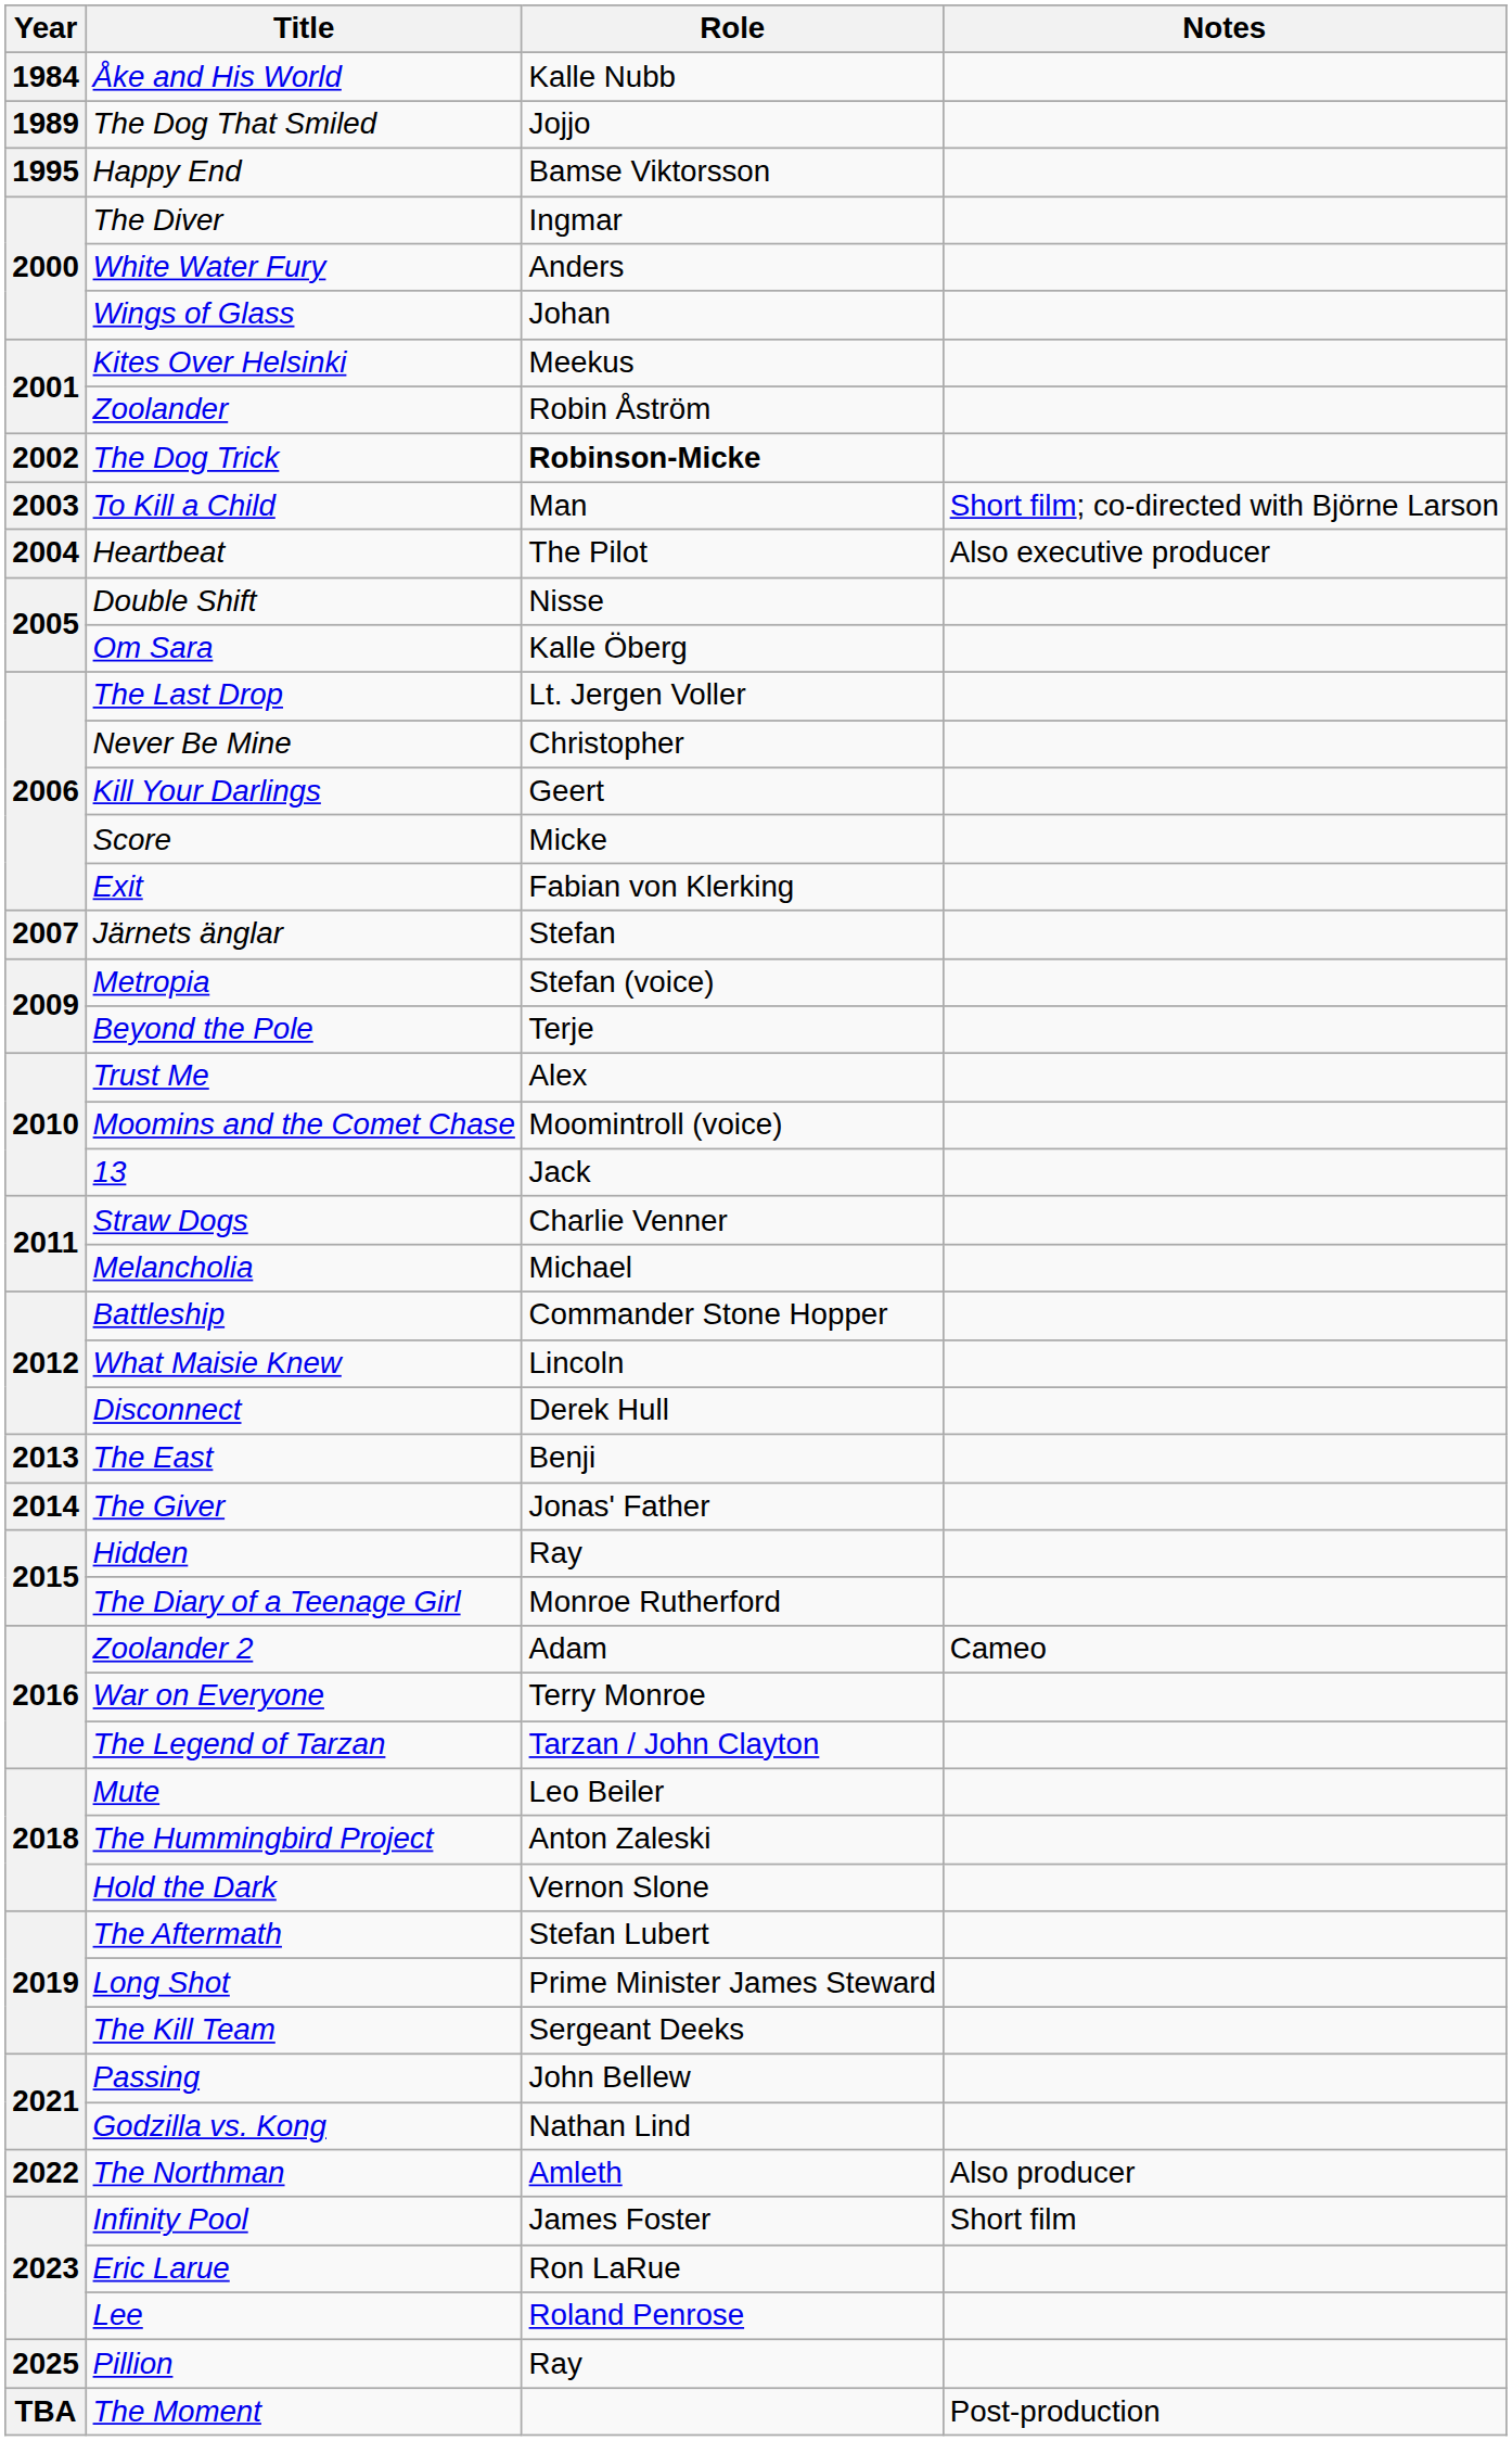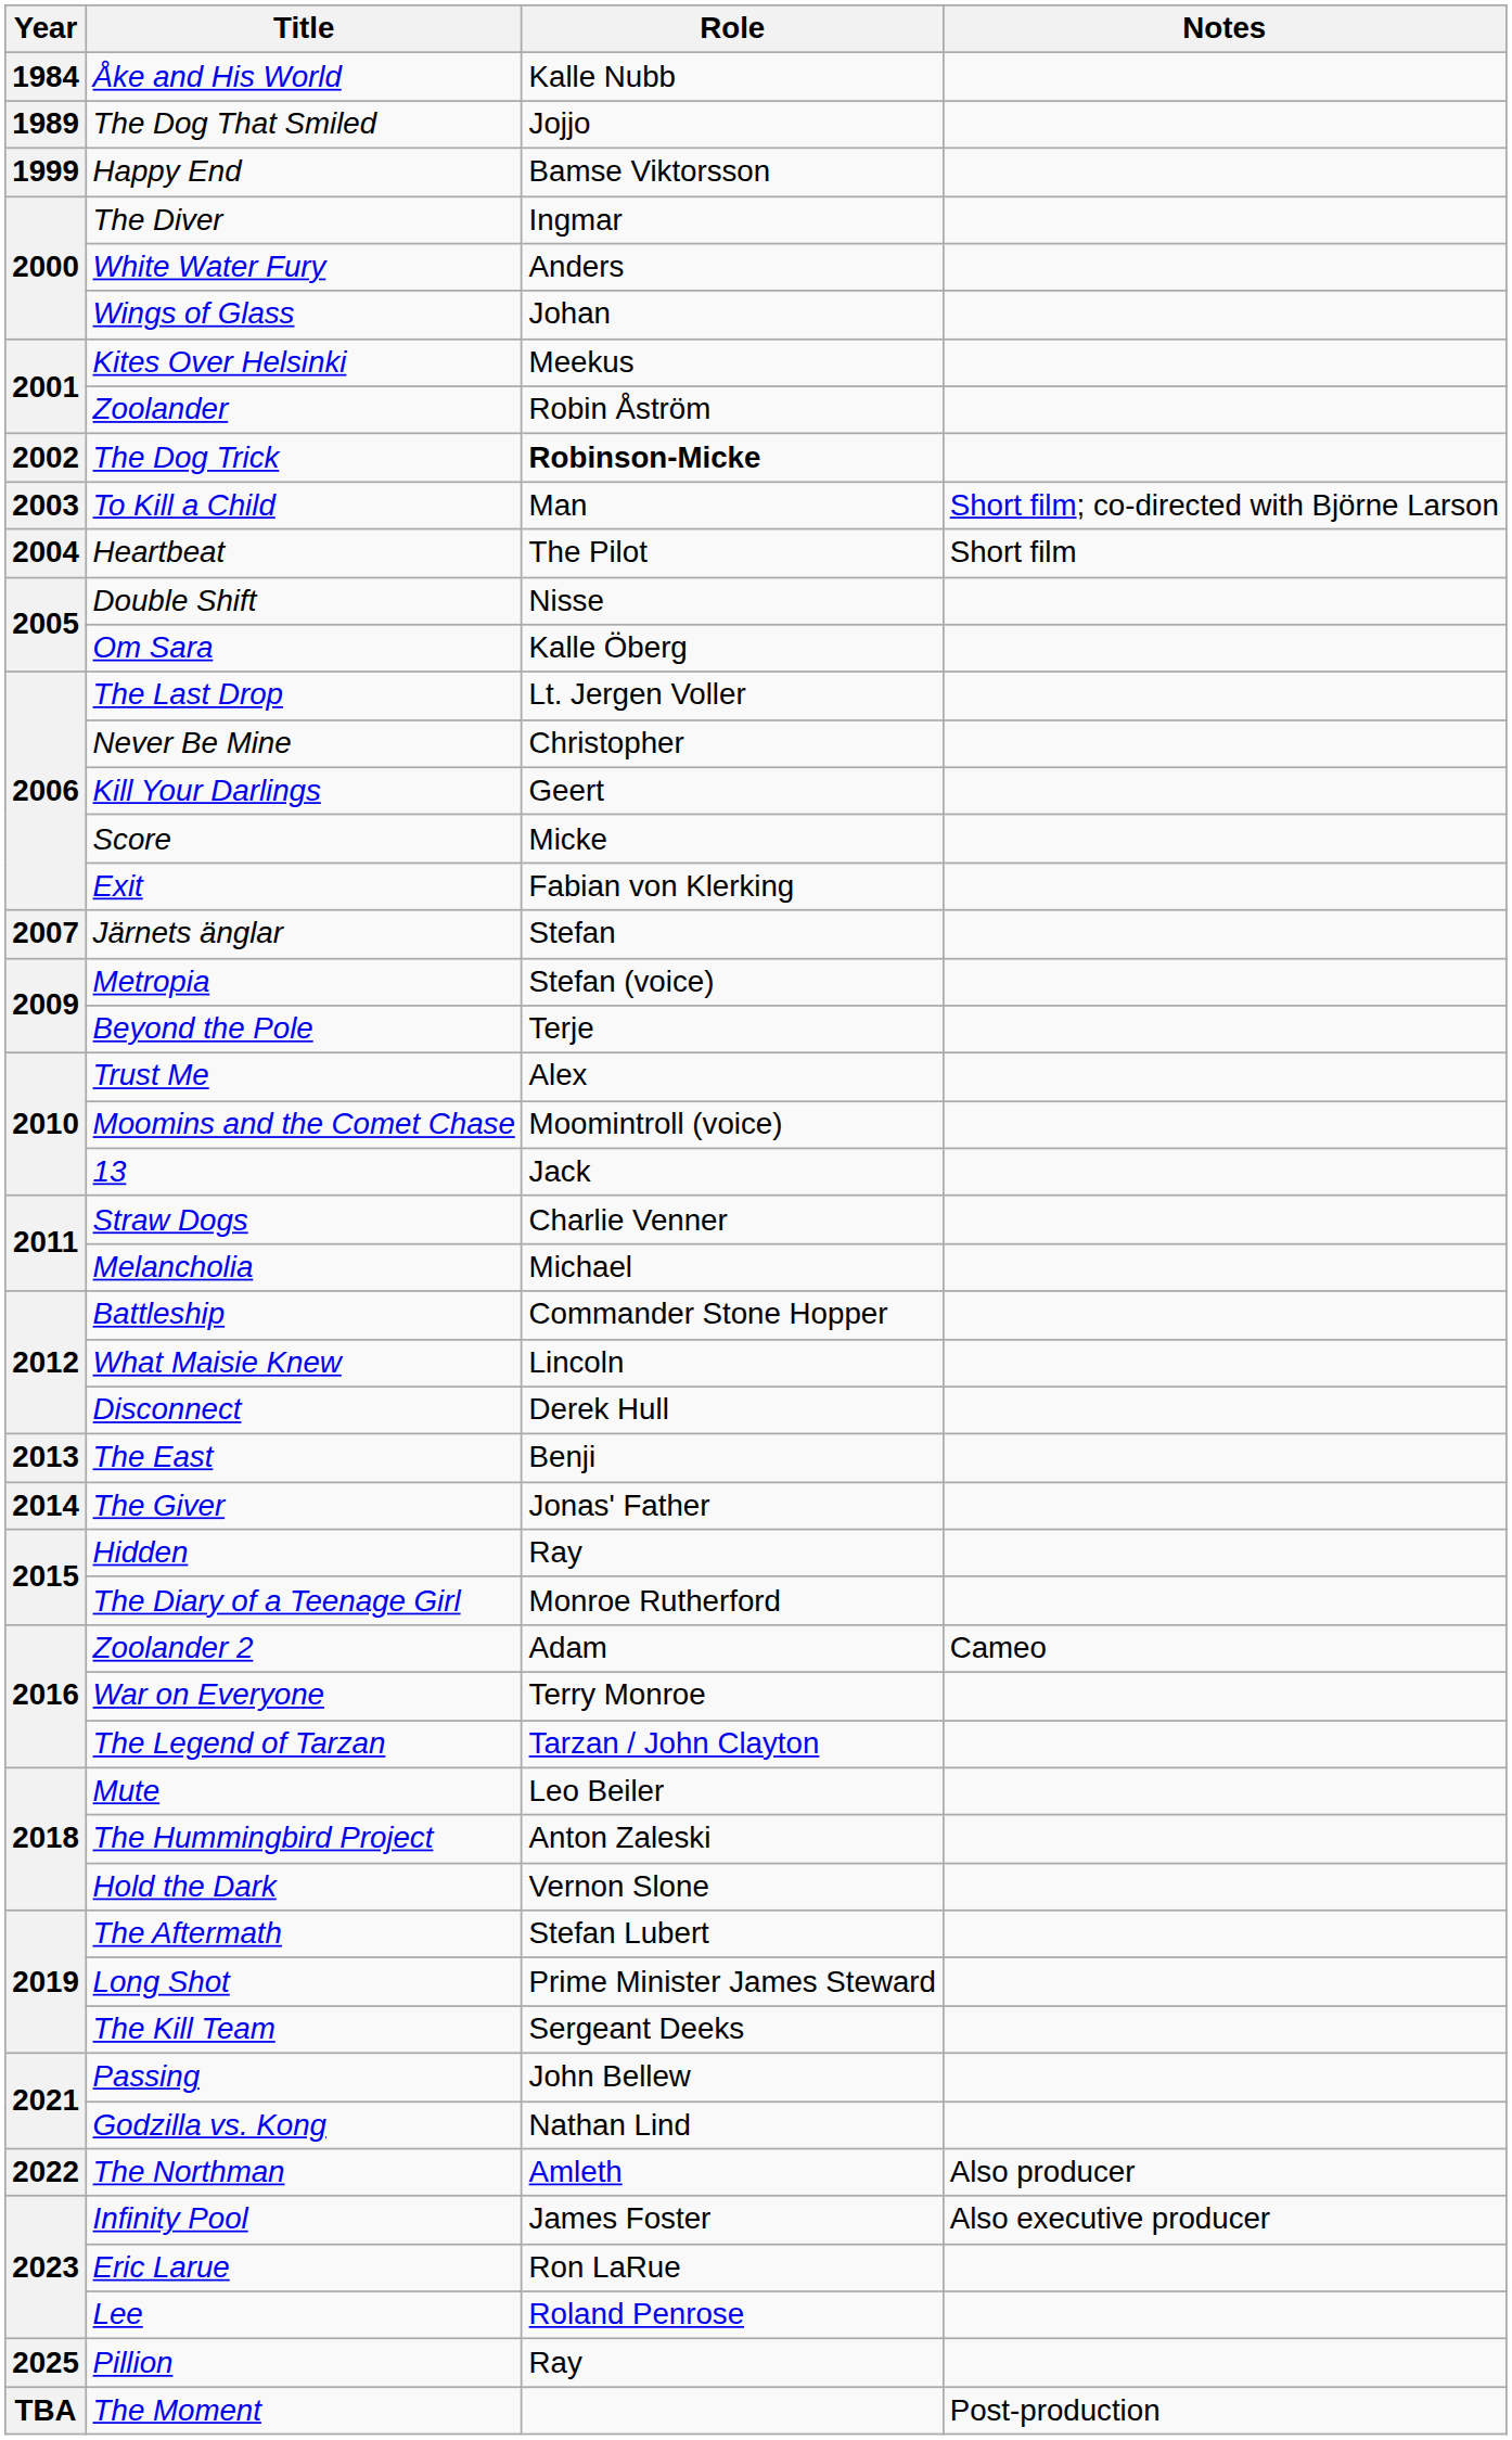 <table class="wikitable plainrowheaders sortable">
 <tr>
 <th scope="col">Year</th>
 <th scope="col">Title</th>
 <th scope="col">Role</th>
 <th scope="col" class="unsortable">Notes</th>
 </tr>
 <tr>
 <th scope="row">1984</th>
 <td><em><a href='#'>Åke and His World</a></em></td>
 <td>Kalle Nubb</td>
 <td></td>
 </tr>
 <tr>
 <th scope="row">1989</th>
 <td><em>The Dog That Smiled</em></td>
 <td>Jojjo</td>
 <td></td>
 </tr>
 <tr>
-<th scope="row">1995</th>
+<th scope="row">1999</th>
 <td><em>Happy End</em></td>
 <td>Bamse Viktorsson</td>
 <td></td>
 </tr>
 <tr>
 <th scope="row" rowspan="3">2000</th>
 <td><em>The Diver</em></td>
 <td>Ingmar</td>
 <td></td>
 </tr>
 <tr>
 <td><em><a href='#'>White Water Fury</a></em></td>
 <td>Anders</td>
 <td></td>
 </tr>
 <tr>
 <td><em><a href='#'>Wings of Glass</a></em></td>
 <td>Johan</td>
 <td></td>
 </tr>
 <tr>
 <th scope="row" rowspan="2">2001</th>
 <td><em><a href='#'>Kites Over Helsinki</a></em></td>
 <td>Meekus</td>
 <td></td>
 </tr>
 <tr>
 <td><em><a href='#'>Zoolander</a></em></td>
 <td>Robin Åström</td>
 <td></td>
 </tr>
 <tr>
 <th scope="row">2002</th>
 <td><em><a href='#'>The Dog Trick</a></em></td>
 <td><strong>Robinson-Micke</strong></td>
 <td></td>
 </tr>
 <tr>
 <th scope="row">2003</th>
 <td><em><a href='#'>To Kill a Child</a></em></td>
 <td>Man</td>
 <td><a href='#'>Short film</a>; co-directed with Björne Larson</td>
 </tr>
 <tr>
 <th scope="row">2004</th>
 <td><em>Heartbeat</em></td>
 <td>The Pilot</td>
-<td>Also executive producer</td>
+<td>Short film</td>
 </tr>
 <tr>
 <th scope="row" rowspan="2">2005</th>
 <td><em>Double Shift</em></td>
 <td>Nisse</td>
 <td></td>
 </tr>
 <tr>
 <td><em><a href='#'>Om Sara</a></em></td>
 <td>Kalle Öberg</td>
 <td></td>
 </tr>
 <tr>
 <th scope="row" rowspan="5">2006</th>
 <td><em><a href='#'>The Last Drop</a></em></td>
 <td>Lt. Jergen Voller</td>
 <td></td>
 </tr>
 <tr>
 <td><em>Never Be Mine</em></td>
 <td>Christopher</td>
 <td></td>
 </tr>
 <tr>
 <td><em><a href='#'>Kill Your Darlings</a></em></td>
 <td>Geert</td>
 <td></td>
 </tr>
 <tr>
 <td><em>Score</em></td>
 <td>Micke</td>
 <td></td>
 </tr>
 <tr>
 <td><em><a href='#'>Exit</a></em></td>
 <td>Fabian von Klerking</td>
 <td></td>
 </tr>
 <tr>
 <th scope="row">2007</th>
 <td><em>Järnets änglar</em></td>
 <td>Stefan</td>
 <td></td>
 </tr>
 <tr>
 <th scope="row" rowspan="2">2009</th>
 <td><em><a href='#'>Metropia</a></em></td>
 <td>Stefan (voice)</td>
 <td></td>
 </tr>
 <tr>
 <td><em><a href='#'>Beyond the Pole</a></em></td>
 <td>Terje</td>
 <td></td>
 </tr>
 <tr>
 <th scope="row" rowspan="3">2010</th>
 <td><em><a href='#'>Trust Me</a></em></td>
 <td>Alex</td>
 <td></td>
 </tr>
 <tr>
 <td><em><a href='#'>Moomins and the Comet Chase</a></em></td>
 <td>Moomintroll (voice)</td>
 <td></td>
 </tr>
 <tr>
 <td><em><a href='#'>13</a></em></td>
 <td>Jack</td>
 <td></td>
 </tr>
 <tr>
 <th scope="row" rowspan="2">2011</th>
 <td><em><a href='#'>Straw Dogs</a></em></td>
 <td>Charlie Venner</td>
 <td></td>
 </tr>
 <tr>
 <td><em><a href='#'>Melancholia</a></em></td>
 <td>Michael</td>
 <td></td>
 </tr>
 <tr>
 <th scope="row" rowspan="3">2012</th>
 <td><em><a href='#'>Battleship</a></em></td>
 <td>Commander Stone Hopper</td>
 <td></td>
 </tr>
 <tr>
 <td><em><a href='#'>What Maisie Knew</a></em></td>
 <td>Lincoln</td>
 <td></td>
 </tr>
 <tr>
 <td><em><a href='#'>Disconnect</a></em></td>
 <td>Derek Hull</td>
 <td></td>
 </tr>
 <tr>
 <th scope="row">2013</th>
 <td><em><a href='#'>The East</a></em></td>
 <td>Benji</td>
 <td></td>
 </tr>
 <tr>
 <th scope="row">2014</th>
 <td><em><a href='#'>The Giver</a></em></td>
 <td>Jonas' Father</td>
 <td></td>
 </tr>
 <tr>
 <th scope="row"  rowspan="2">2015</th>
 <td><em><a href='#'>Hidden</a></em></td>
 <td>Ray</td>
 <td></td>
 </tr>
 <tr>
 <td><em><a href='#'>The Diary of a Teenage Girl</a></em></td>
 <td>Monroe Rutherford</td>
 <td></td>
 </tr>
 <tr>
 <th scope="row"  rowspan="3">2016</th>
 <td><em><a href='#'>Zoolander 2</a></em></td>
 <td>Adam</td>
 <td>Cameo</td>
 </tr>
 <tr>
 <td><em><a href='#'>War on Everyone</a></em></td>
 <td>Terry Monroe</td>
 <td></td>
 </tr>
 <tr>
 <td><em><a href='#'>The Legend of Tarzan</a></em></td>
 <td><a href='#'>Tarzan / John Clayton</a></td>
 <td></td>
 </tr>
 <tr>
 <th scope="row"  rowspan="3">2018</th>
 <td><em><a href='#'>Mute</a></em></td>
 <td>Leo Beiler</td>
 <td></td>
 </tr>
 <tr>
 <td><em><a href='#'>The Hummingbird Project</a></em></td>
 <td>Anton Zaleski</td>
 <td></td>
 </tr>
 <tr>
 <td><em><a href='#'>Hold the Dark</a></em></td>
 <td>Vernon Slone</td>
 <td></td>
 </tr>
 <tr>
 <th scope="row"  rowspan="3">2019</th>
 <td><em><a href='#'>The Aftermath</a></em></td>
 <td>Stefan Lubert</td>
 <td></td>
 </tr>
 <tr>
 <td><em><a href='#'>Long Shot</a></em></td>
 <td>Prime Minister James Steward</td>
 <td></td>
 </tr>
 <tr>
 <td><em><a href='#'>The Kill Team</a></em></td>
 <td>Sergeant Deeks</td>
 <td></td>
 </tr>
 <tr>
 <th scope="row" rowspan="2”">2021</th>
 <td><em><a href='#'>Passing</a></em></td>
 <td>John Bellew</td>
 <td></td>
 </tr>
 <tr>
 <td><em><a href='#'>Godzilla vs. Kong</a></em></td>
 <td>Nathan Lind</td>
 <td></td>
 </tr>
 <tr>
 <th scope="row">2022</th>
 <td><em><a href='#'>The Northman</a></em></td>
 <td><a href='#'>Amleth</a></td>
 <td>Also producer</td>
 </tr>
 <tr>
 <th scope="row" rowspan="3">2023</th>
 <td><em><a href='#'>Infinity Pool</a></em></td>
 <td>James Foster</td>
-<td>Short film</td>
+<td>Also executive producer</td>
 </tr>
 <tr>
 <td><em><a href='#'>Eric Larue</a></em></td>
 <td>Ron LaRue</td>
 <td></td>
 </tr>
 <tr>
 <td><em><a href='#'>Lee</a></em></td>
 <td><a href='#'>Roland Penrose</a></td>
 <td></td>
 </tr>
 <tr>
 <th scope="row">2025</th>
 <td><em><a href='#'>Pillion</a></em></td>
 <td>Ray</td>
 <td></td>
 </tr>
 <tr>
 <th scope="row">TBA</th>
 <td><em><a href='#'>The Moment</a></em></td>
 <td></td>
 <td>Post-production</td>
 </tr>
 </table>
